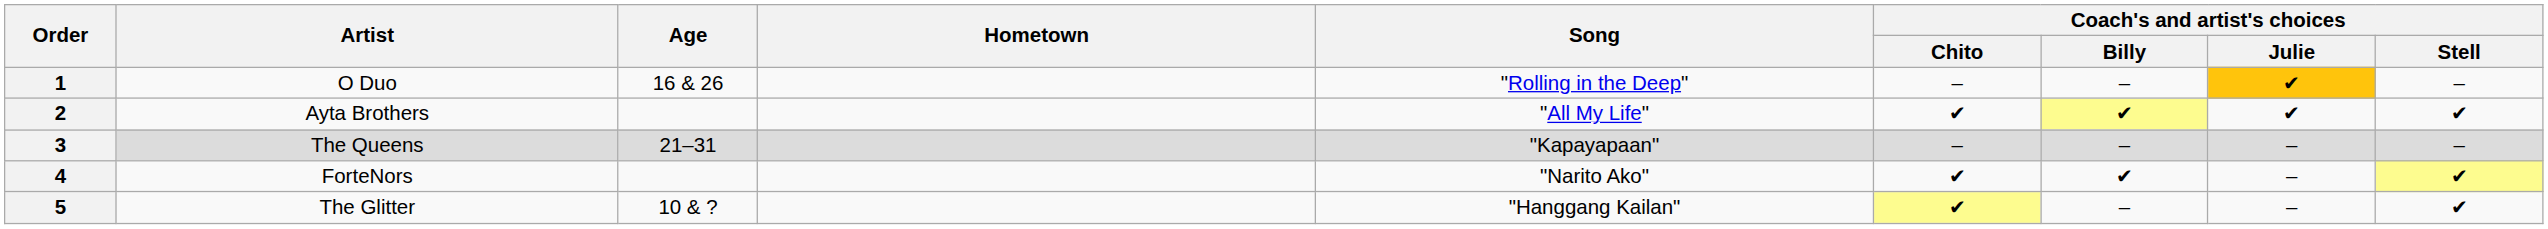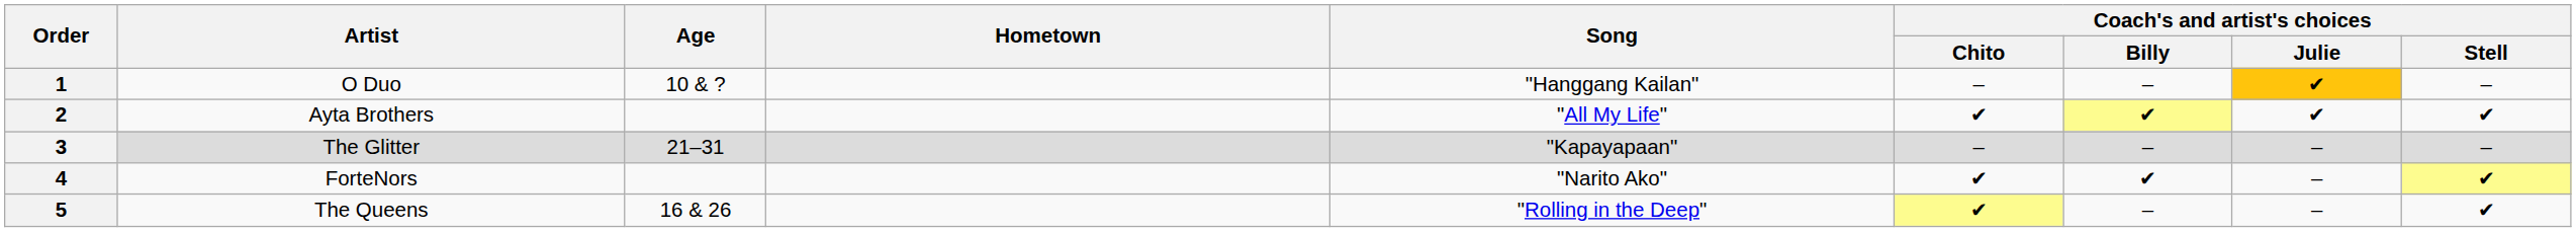 <table class="wikitable" style="text-align:center; line-height:17px; width:100%">
 <tr>
 <th scope=col rowspan=2 style="width:4%">Order</th>
 <th scope=col rowspan=2 style="width:18%">Artist</th>
 <th scope=col rowspan=2 style="width:5%">Age</th>
 <th scope=col rowspan=2 style="width:20%">Hometown</th>
 <th scope=col rowspan=2 style="width:20%">Song</th>
 <th scope=col colspan=4 style="width:24%">Coach's and artist's choices</th>
 </tr>
 <tr>
 <th style="width:6%">Chito</th>
 <th style="width:6%">Billy</th>
 <th style="width:6%">Julie</th>
 <th style="width:6%">Stell</th>
 </tr>
 <tr>
 <th>1</th>
 <td>O Duo</td>
-<td>16 & 26</td>
+<td>10 & ?</td>
 <td></td>
-<td>"<a href='#'>Rolling in the Deep</a>"</td>
+<td>"Hanggang Kailan"</td>
 <td>–</td>
 <td>–</td>
 <td style="background:#ffc40c">✔</td>
 <td>–</td>
 </tr>
 <tr>
 <th>2</th>
 <td>Ayta Brothers</td>
 <td></td>
 <td></td>
 <td>"<a href='#'>All My Life</a>"</td>
 <td>✔</td>
 <td style="background:#fdfc8f">✔</td>
 <td>✔</td>
 <td>✔</td>
 </tr>
 <tr style="background:#dcdcdc">
 <th>3</th>
-<td>The Queens</td>
+<td>The Glitter</td>
 <td>21–31</td>
 <td></td>
 <td>"Kapayapaan"</td>
 <td>–</td>
 <td>–</td>
 <td>–</td>
 <td>–</td>
 </tr>
 <tr>
 <th>4</th>
 <td>ForteNors</td>
 <td></td>
 <td></td>
 <td>"Narito Ako"</td>
 <td>✔</td>
 <td>✔</td>
 <td>–</td>
 <td style="background:#fdfc8f">✔</td>
 </tr>
 <tr>
 <th>5</th>
-<td>The Glitter</td>
-<td>10 & ?</td>
+<td>The Queens</td>
+<td>16 & 26</td>
 <td></td>
-<td>"Hanggang Kailan"</td>
+<td>"<a href='#'>Rolling in the Deep</a>"</td>
 <td style="background:#fdfc8f">✔</td>
 <td>–</td>
 <td>–</td>
 <td>✔</td>
 </tr>
 </table>
